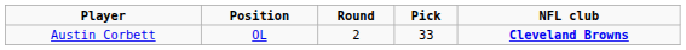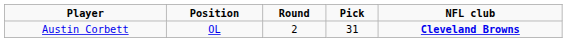 <table class="wikitable" width="80%">
 <tr align="center">
 <td><strong>Player</strong></td>
 <td><strong>Position</strong></td>
 <td><strong>Round</strong></td>
 <td><strong>Pick</strong></td>
 <td><strong>NFL club</strong></td>
 </tr>
 <tr align="center" bgcolor="">
 <td><a href='#'>Austin Corbett</a></td>
 <td><a href='#'>OL</a></td>
 <td>2</td>
-<td>33</td>
+<td>31</td>
 <td><strong><a href='#'>Cleveland Browns</a></strong></td>
 </tr>
 </table>
